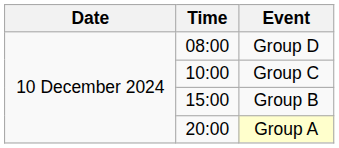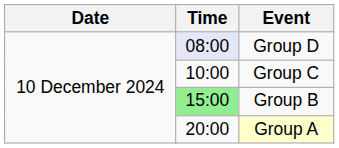 <table class = "wikitable" style="text-align:center;">
 <tr>
 <th width=150>Date</th>
 <th width=50>Time</th>
 <th width=80>Event</th>
 </tr>
 <tr>
 <td rowspan=4>10 December 2024</td>
-<td>08:00</td>
+<td style="background: lavender;">08:00</td>
 <td>Group D</td>
 </tr>
 <tr>
 <td>10:00</td>
 <td>Group C</td>
 </tr>
 <tr>
-<td>15:00</td>
+<td style="background: lightgreen;">15:00</td>
 <td>Group B</td>
 </tr>
 <tr>
 <td>20:00</td>
 <td bgcolor="ffffcc">Group A</td>
 </tr>
 </table>
